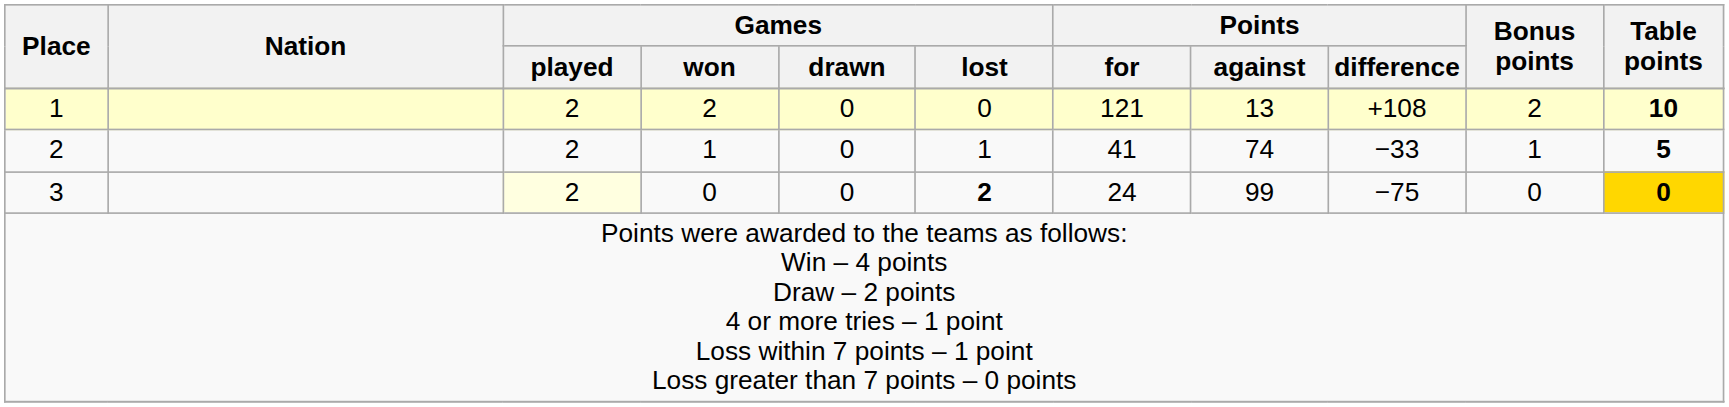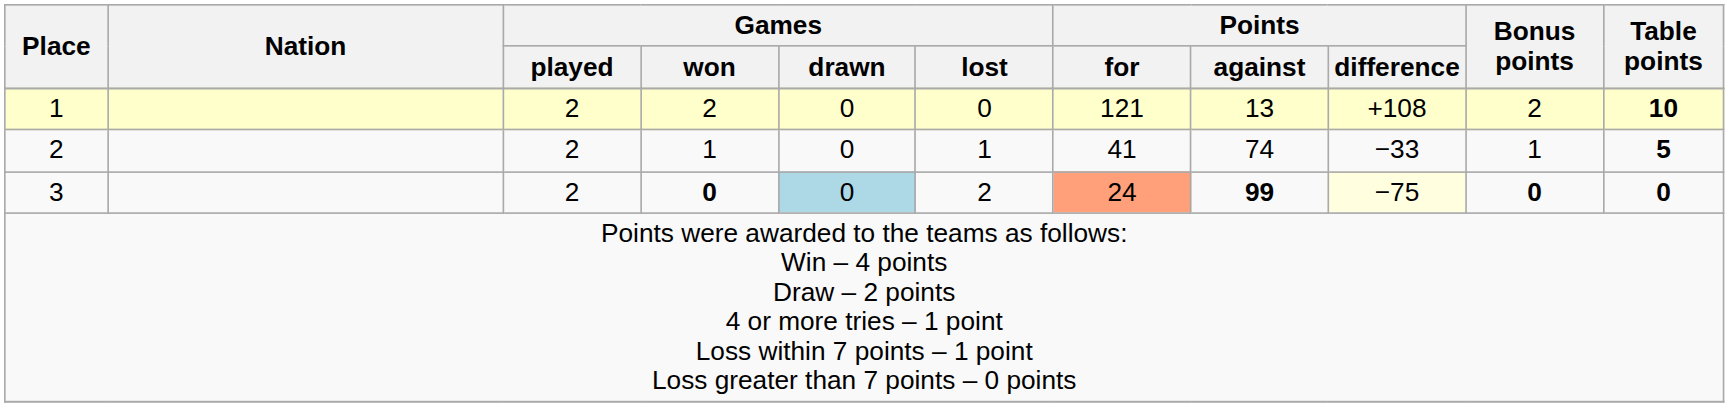 <table class="wikitable">
 <tr>
 <th rowspan=2 width="6%">Place</th>
 <th rowspan=2 width="23%">Nation</th>
 <th colspan=4 width="40%">Games</th>
 <th colspan=3 width="24%">Points</th>
 <th rowspan=2 width="8%">Bonus<br>points</th>
 <th rowspan=2 width="10%">Table<br>points</th>
 </tr>
 <tr>
 <th width="8%">played</th>
 <th width="8%">won</th>
 <th width="8%">drawn</th>
 <th width="8%">lost</th>
 <th width="8%">for</th>
 <th width="8%">against</th>
 <th width="8%">difference</th>
 </tr>
 <tr>
 </tr>
 <tr align=center bgcolor=ffffcc>
 <td>1</td>
 <td align=left></td>
 <td>2</td>
 <td>2</td>
 <td>0</td>
 <td>0</td>
 <td>121</td>
 <td>13</td>
 <td>+108</td>
 <td>2</td>
 <td><strong>10</strong></td>
 </tr>
 <tr align=center>
 <td>2</td>
 <td align=left></td>
 <td>2</td>
 <td>1</td>
 <td>0</td>
 <td>1</td>
 <td>41</td>
 <td>74</td>
 <td>−33</td>
 <td>1</td>
 <td><strong>5</strong></td>
 </tr>
 <tr align=center>
 <td>3</td>
 <td align=left></td>
-<td style="background: lightyellow;">2</td>
-<td>0</td>
-<td>0</td>
-<td><strong>2</strong></td>
-<td>24</td>
-<td>99</td>
-<td>−75</td>
-<td>0</td>
-<td style="background: gold;"><strong>0</strong></td>
+<td>2</td>
+<td><strong>0</strong></td>
+<td style="background: lightblue;">0</td>
+<td>2</td>
+<td style="background: lightsalmon;">24</td>
+<td><strong>99</strong></td>
+<td style="background: lightyellow;">−75</td>
+<td><strong>0</strong></td>
+<td><strong>0</strong></td>
 </tr>
 <tr>
 <td colspan="100%" style="text-align:center;">Points were awarded to the teams as follows:<br>Win – 4 points<br>Draw – 2 points<br> 4 or more tries – 1 point<br> Loss within 7 points – 1 point<br>Loss greater than 7 points – 0 points</td>
 </tr>
 <tr>
 </tr>
 </table>
